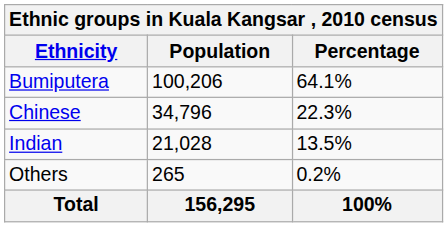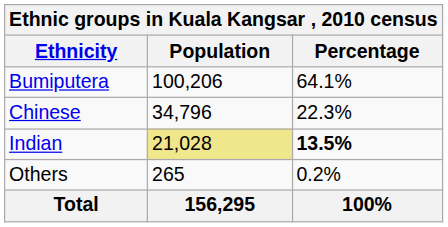 <table class="wikitable">
 <tr>
 <th style="text-align:center;" colspan="3">Ethnic groups in Kuala Kangsar , 2010 census</th>
 </tr>
 <tr>
 <th><a href='#'>Ethnicity</a></th>
 <th>Population</th>
 <th>Percentage</th>
 </tr>
 <tr>
 <td><a href='#'>Bumiputera</a></td>
 <td>100,206</td>
 <td>64.1%</td>
 </tr>
 <tr>
 <td><a href='#'>Chinese</a></td>
 <td>34,796</td>
 <td>22.3%</td>
 </tr>
 <tr>
 <td><a href='#'>Indian</a></td>
-<td>21,028</td>
-<td>13.5%</td>
+<td style="background: khaki;">21,028</td>
+<td><strong>13.5%</strong></td>
 </tr>
 <tr>
 <td>Others</td>
 <td>265</td>
 <td>0.2%</td>
 </tr>
 <tr>
 <th>Total</th>
 <th>156,295</th>
 <th>100%</th>
 </tr>
 </table>
